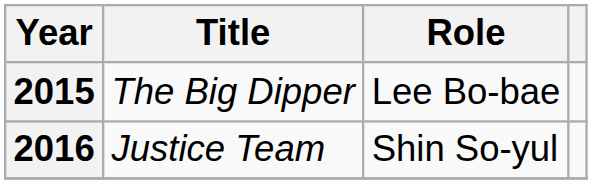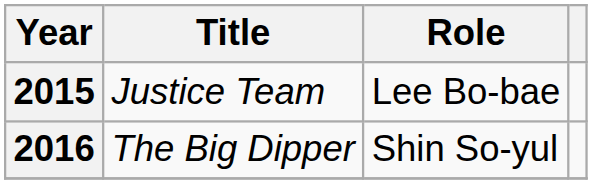 <table class="wikitable plainrowheaders">
 <tr>
 <th scope="col">Year</th>
 <th scope="col">Title</th>
 <th scope="col">Role</th>
 <th scope="col" class="unsortable"></th>
 </tr>
 <tr>
 <th scope="row">2015</th>
-<td><em>The Big Dipper</em></td>
+<td><em>Justice Team </em></td>
 <td>Lee Bo-bae</td>
 <td></td>
 </tr>
 <tr>
 <th scope="row">2016</th>
-<td><em>Justice Team </em></td>
+<td><em>The Big Dipper</em></td>
 <td>Shin So-yul</td>
 <td></td>
 </tr>
 <tr>
 </tr>
 </table>
